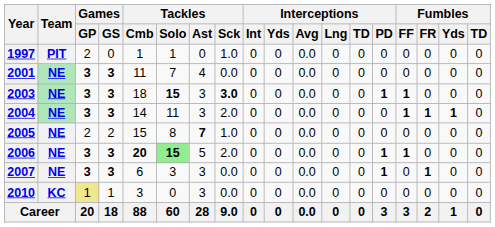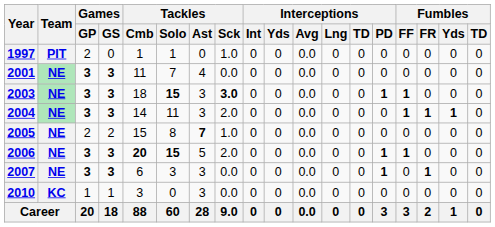 <table class="wikitable" style="text-align:center;">
 <tr>
 <th rowspan="2">Year</th>
 <th rowspan="2">Team</th>
 <th colspan="2">Games</th>
 <th colspan="4">Tackles</th>
 <th colspan="6">Interceptions</th>
 <th colspan="4">Fumbles</th>
 </tr>
 <tr>
 <th>GP</th>
 <th>GS</th>
 <th>Cmb</th>
 <th>Solo</th>
 <th>Ast</th>
 <th>Sck</th>
 <th>Int</th>
 <th>Yds</th>
 <th>Avg</th>
 <th>Lng</th>
 <th>TD</th>
 <th>PD</th>
 <th>FF</th>
 <th>FR</th>
 <th>Yds</th>
 <th>TD</th>
 </tr>
 <tr>
 <th><a href='#'>1997</a></th>
 <th><a href='#'>PIT</a></th>
 <td>2</td>
 <td>0</td>
 <td>1</td>
 <td>1</td>
 <td>0</td>
 <td>1.0</td>
 <td>0</td>
 <td>0</td>
 <td>0.0</td>
 <td>0</td>
 <td>0</td>
 <td>0</td>
 <td>0</td>
 <td>0</td>
 <td>0</td>
 <td>0</td>
 </tr>
 <tr>
 <th><a href='#'>2001</a></th>
 <th style="background:#afe6ba;"><a href='#'>NE</a></th>
 <td><strong>3</strong></td>
 <td><strong>3</strong></td>
 <td>11</td>
 <td>7</td>
 <td>4</td>
 <td>0.0</td>
 <td>0</td>
 <td>0</td>
 <td>0.0</td>
 <td>0</td>
 <td>0</td>
 <td>0</td>
 <td>0</td>
 <td>0</td>
 <td>0</td>
 <td>0</td>
 </tr>
 <tr>
 <th><a href='#'>2003</a></th>
 <th style="background:#afe6ba;"><a href='#'>NE</a></th>
 <td><strong>3</strong></td>
 <td><strong>3</strong></td>
 <td>18</td>
 <td><strong>15</strong></td>
 <td>3</td>
 <td><strong>3.0</strong></td>
 <td>0</td>
 <td>0</td>
 <td>0.0</td>
 <td>0</td>
 <td>0</td>
 <td><strong>1</strong></td>
 <td><strong>1</strong></td>
 <td>0</td>
 <td>0</td>
 <td>0</td>
 </tr>
 <tr>
 <th><a href='#'>2004</a></th>
 <th style="background:#afe6ba;"><a href='#'>NE</a></th>
 <td><strong>3</strong></td>
 <td><strong>3</strong></td>
 <td>14</td>
 <td>11</td>
 <td>3</td>
 <td>2.0</td>
 <td>0</td>
 <td>0</td>
 <td>0.0</td>
 <td>0</td>
 <td>0</td>
 <td>0</td>
 <td><strong>1</strong></td>
 <td><strong>1</strong></td>
 <td><strong>1</strong></td>
 <td>0</td>
 </tr>
 <tr>
 <th><a href='#'>2005</a></th>
 <th><a href='#'>NE</a></th>
 <td>2</td>
 <td>2</td>
 <td>15</td>
 <td>8</td>
 <td><strong>7</strong></td>
 <td>1.0</td>
 <td>0</td>
 <td>0</td>
 <td>0.0</td>
 <td>0</td>
 <td>0</td>
 <td>0</td>
 <td>0</td>
 <td>0</td>
 <td>0</td>
 <td>0</td>
 </tr>
 <tr>
 <th><a href='#'>2006</a></th>
 <th><a href='#'>NE</a></th>
 <td><strong>3</strong></td>
 <td><strong>3</strong></td>
 <td><strong>20</strong></td>
-<td style="background: lightgreen;"><strong>15</strong></td>
+<td><strong>15</strong></td>
 <td>5</td>
 <td>2.0</td>
 <td>0</td>
 <td>0</td>
 <td>0.0</td>
 <td>0</td>
 <td>0</td>
 <td><strong>1</strong></td>
 <td><strong>1</strong></td>
 <td>0</td>
 <td>0</td>
 <td>0</td>
 </tr>
 <tr>
 <th><a href='#'>2007</a></th>
 <th><a href='#'>NE</a></th>
 <td><strong>3</strong></td>
 <td><strong>3</strong></td>
 <td>6</td>
 <td>3</td>
 <td>3</td>
 <td>0.0</td>
 <td>0</td>
 <td>0</td>
 <td>0.0</td>
 <td>0</td>
 <td>0</td>
 <td><strong>1</strong></td>
 <td>0</td>
 <td><strong>1</strong></td>
 <td>0</td>
 <td>0</td>
 </tr>
 <tr>
 <th><a href='#'>2010</a></th>
 <th><a href='#'>KC</a></th>
-<td style="background: khaki;">1</td>
+<td>1</td>
 <td>1</td>
 <td>3</td>
 <td>0</td>
 <td>3</td>
 <td>0.0</td>
 <td>0</td>
 <td>0</td>
 <td>0.0</td>
 <td>0</td>
 <td>0</td>
 <td>0</td>
 <td>0</td>
 <td>0</td>
 <td>0</td>
 <td>0</td>
 </tr>
 <tr>
 <th colspan="2">Career</th>
 <th>20</th>
 <th>18</th>
 <th>88</th>
 <th>60</th>
 <th>28</th>
 <th>9.0</th>
 <th>0</th>
 <th>0</th>
 <th>0.0</th>
 <th>0</th>
 <th>0</th>
 <th>3</th>
 <th>3</th>
 <th>2</th>
 <th>1</th>
 <th>0</th>
 </tr>
 </table>
